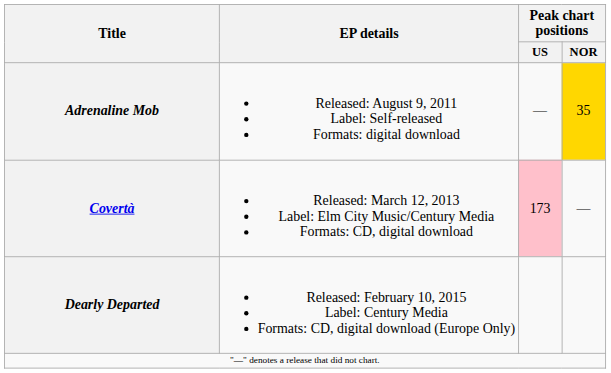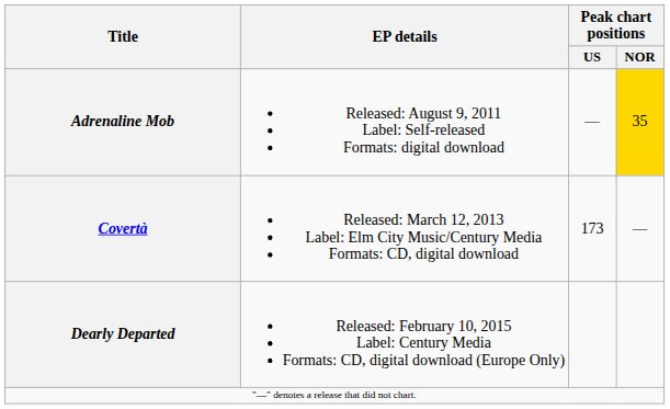 <table class="wikitable plainrowheaders" style="text-align:center;">
 <tr>
 <th scope="col" rowspan="2" style="width:15em;">Title</th>
 <th scope="col" rowspan="2">EP details</th>
 <th scope="col" colspan="2">Peak chart positions</th>
 </tr>
 <tr>
 <th scope="col" style="width:3em;font-size:90%;">US<br></th>
 <th scope="col" style="width:3em;font-size:90%;">NOR<br></th>
 </tr>
 <tr>
 <th scope="row"><em>Adrenaline Mob</em></th>
 <td><br><ul><li>Released: August 9, 2011</li><li>Label: Self-released</li><li>Formats: digital download</li></ul></td>
 <td>—</td>
 <td style="background: gold;">35</td>
 </tr>
 <tr>
 <th scope="row"><em><a href='#'>Covertà</a></em></th>
 <td><br><ul><li>Released: March 12, 2013</li><li>Label: Elm City Music/Century Media</li><li>Formats: CD, digital download</li></ul></td>
-<td style="background: pink;">173</td>
+<td>173</td>
 <td>—</td>
 </tr>
 <tr>
 <th scope="row"><em>Dearly Departed</em></th>
 <td><br><ul><li>Released: February 10, 2015</li><li>Label: Century Media</li><li>Formats: CD, digital download (Europe Only)</li></ul></td>
 <td></td>
 <td></td>
 </tr>
 <tr>
 <td colspan="20" style="text-align:center; font-size:8pt;">"—" denotes a release that did not chart.</td>
 </tr>
 </table>
